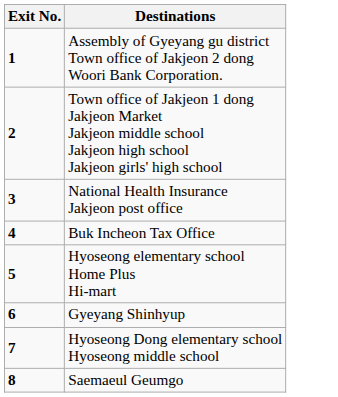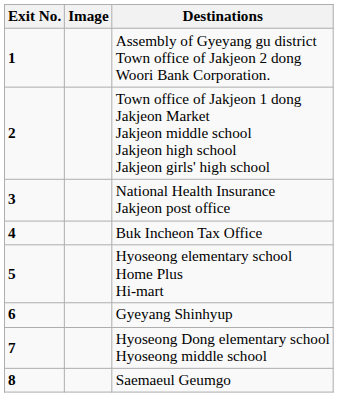 <table class="wikitable">
 <tr>
 <th>Exit No.</th>
+<th>Image</th>
 <th>Destinations</th>
 </tr>
 <tr>
 <td><div><span><strong>1</strong></span></div></td>
+<td></td>
 <td>Assembly of Gyeyang gu district<br>Town office of Jakjeon 2 dong<br>Woori Bank Corporation.</td>
 </tr>
 <tr>
 <td><div><span><strong>2</strong></span></div></td>
+<td></td>
 <td>Town office of Jakjeon 1 dong<br>Jakjeon Market<br>Jakjeon middle school<br>Jakjeon high school<br>Jakjeon girls' high school</td>
 </tr>
 <tr>
 <td><div><span><strong>3</strong></span></div></td>
+<td></td>
 <td>National Health Insurance<br>Jakjeon post office</td>
 </tr>
 <tr>
 <td><div><span><strong>4</strong></span></div></td>
+<td></td>
 <td>Buk Incheon Tax Office</td>
 </tr>
 <tr>
 <td><div><span><strong>5</strong></span></div></td>
+<td></td>
 <td>Hyoseong elementary school<br>Home Plus<br>Hi-mart</td>
 </tr>
 <tr>
 <td><div><span><strong>6</strong></span></div></td>
+<td></td>
 <td>Gyeyang Shinhyup</td>
 </tr>
 <tr>
 <td><div><span><strong>7</strong></span></div></td>
+<td></td>
 <td>Hyoseong Dong elementary school<br>Hyoseong middle school</td>
 </tr>
 <tr>
 <td><div><span><strong>8</strong></span></div></td>
+<td></td>
 <td>Saemaeul Geumgo</td>
 </tr>
 </table>
